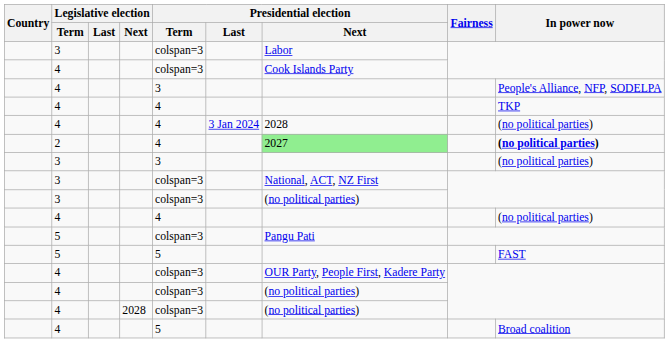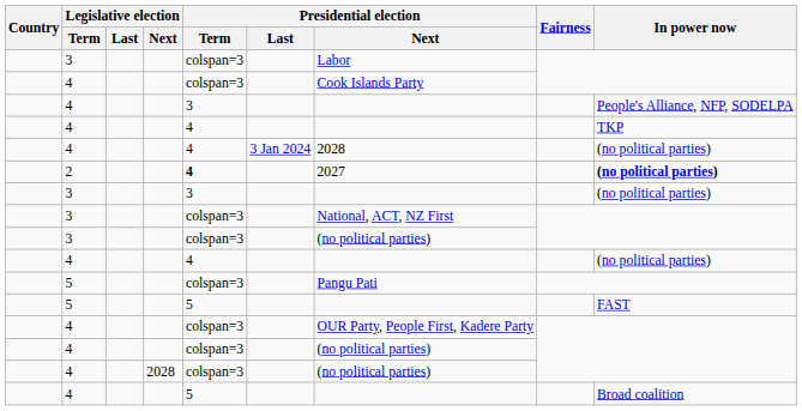 <table class="wikitable sortable">
 <tr>
 <th rowspan=2>Country</th>
 <th colspan=3>Legislative election</th>
 <th colspan=3>Presidential election</th>
 <th rowspan=2><a href='#'>Fairness</a></th>
 <th rowspan=2>In power now</th>
 </tr>
 <tr>
 <th>Term</th>
 <th>Last</th>
 <th>Next</th>
 <th>Term</th>
 <th>Last</th>
 <th>Next</th>
 </tr>
 <tr>
 <td></td>
 <td>3</td>
 <td><a href='#'></a></td>
 <td><a href='#'></a></td>
 <td>colspan=3 </td>
 <td></td>
 <td><a href='#'>Labor</a></td>
 </tr>
 <tr>
 <td></td>
 <td>4</td>
 <td><a href='#'></a></td>
 <td></td>
 <td>colspan=3 </td>
 <td></td>
 <td><a href='#'>Cook Islands Party</a></td>
 </tr>
 <tr>
 <td></td>
 <td>4</td>
 <td><a href='#'></a></td>
 <td><a href='#'></a></td>
 <td>3</td>
 <td><a href='#'></a></td>
 <td><a href='#'></a></td>
 <td></td>
 <td><a href='#'>People's Alliance</a>, <a href='#'>NFP</a>, <a href='#'>SODELPA</a></td>
 </tr>
 <tr>
 <td></td>
 <td>4</td>
 <td><a href='#'></a></td>
 <td><a href='#'></a></td>
 <td>4</td>
 <td><a href='#'></a></td>
 <td><a href='#'></a></td>
 <td></td>
 <td><a href='#'>TKP</a></td>
 </tr>
 <tr>
 <td></td>
 <td>4</td>
 <td><a href='#'></a></td>
 <td></td>
 <td>4</td>
 <td><a href='#'>3 Jan 2024</a></td>
 <td>2028</td>
 <td></td>
 <td>(<a href='#'>no political parties</a>)</td>
 </tr>
 <tr>
 <td></td>
 <td>2</td>
 <td><a href='#'></a></td>
 <td><a href='#'></a></td>
-<td>4</td>
+<td><strong>4</strong></td>
 <td><a href='#'></a></td>
-<td style="background: lightgreen;">2027</td>
+<td>2027</td>
 <td></td>
 <td><strong>(<a href='#'>no political parties</a>)</strong></td>
 </tr>
 <tr>
 <td></td>
 <td>3</td>
 <td><a href='#'></a></td>
 <td><a href='#'></a></td>
 <td>3</td>
 <td><a href='#'></a></td>
 <td><a href='#'></a></td>
 <td></td>
 <td>(<a href='#'>no political parties</a>)</td>
 </tr>
 <tr>
 <td></td>
 <td>3</td>
 <td><a href='#'></a></td>
 <td><a href='#'></a></td>
 <td>colspan=3 </td>
 <td></td>
 <td><a href='#'>National</a>, <a href='#'>ACT</a>, <a href='#'>NZ First</a></td>
 </tr>
 <tr>
 <td></td>
 <td>3</td>
 <td><a href='#'></a></td>
 <td></td>
 <td>colspan=3 </td>
 <td></td>
 <td>(<a href='#'>no political parties</a>)</td>
 </tr>
 <tr>
 <td></td>
 <td>4</td>
 <td><a href='#'></a></td>
 <td><a href='#'></a></td>
 <td>4</td>
 <td><a href='#'></a></td>
 <td><a href='#'></a></td>
 <td></td>
 <td>(<a href='#'>no political parties</a>)</td>
 </tr>
 <tr>
 <td></td>
 <td>5</td>
 <td><a href='#'></a></td>
 <td><a href='#'></a></td>
 <td>colspan=3 </td>
 <td></td>
 <td><a href='#'>Pangu Pati</a></td>
 </tr>
 <tr>
 <td></td>
 <td>5</td>
 <td><a href='#'></a></td>
 <td><a href='#'></a></td>
 <td>5</td>
 <td><a href='#'></a></td>
 <td><a href='#'></a></td>
 <td></td>
 <td><a href='#'>FAST</a></td>
 </tr>
 <tr>
 <td></td>
 <td>4</td>
 <td><a href='#'></a></td>
 <td><a href='#'></a></td>
 <td>colspan=3 </td>
 <td></td>
 <td><a href='#'>OUR Party</a>, <a href='#'>People First</a>, <a href='#'>Kadere Party</a></td>
 </tr>
 <tr>
 <td></td>
 <td>4</td>
 <td><a href='#'></a></td>
 <td><a href='#'></a></td>
 <td>colspan=3 </td>
 <td></td>
 <td>(<a href='#'>no political parties</a>)</td>
 </tr>
 <tr>
 <td></td>
 <td>4</td>
 <td><a href='#'></a></td>
 <td>2028</td>
 <td>colspan=3 </td>
 <td></td>
 <td>(<a href='#'>no political parties</a>)</td>
 </tr>
 <tr>
 <td></td>
 <td>4</td>
 <td><a href='#'></a></td>
 <td></td>
 <td>5</td>
 <td><a href='#'></a></td>
 <td></td>
 <td></td>
 <td><a href='#'>Broad coalition</a></td>
 </tr>
 </table>
